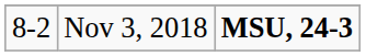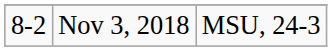 <table class="wikitable">
 <tr align="center">
 </tr>
 <tr align="center">
 <td>8-2</td>
 <td>Nov 3, 2018</td>
-<td><strong>MSU, 24-3</strong></td>
+<td>MSU, 24-3</td>
 </tr>
 </table>
